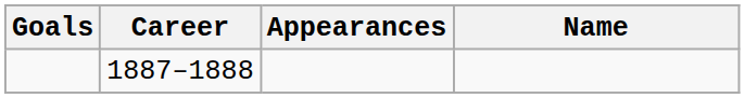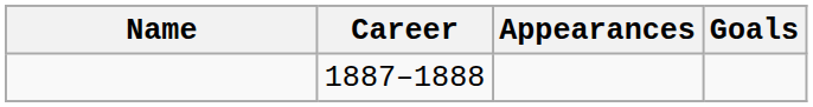 <table class="wikitable sortable" style="text-align: center;">
 <tr>
-<th>Goals</th>
+<th style="width:10em">Name</th>
 <th>Career</th>
 <th>Appearances</th>
-<th style="width:10em">Name</th>
+<th>Goals</th>
 </tr>
 <tr>
-<td></td>
+<td align="left"></td>
 <td>1887–1888</td>
 <td></td>
-<td align="left"></td>
+<td></td>
 </tr>
 </table>
